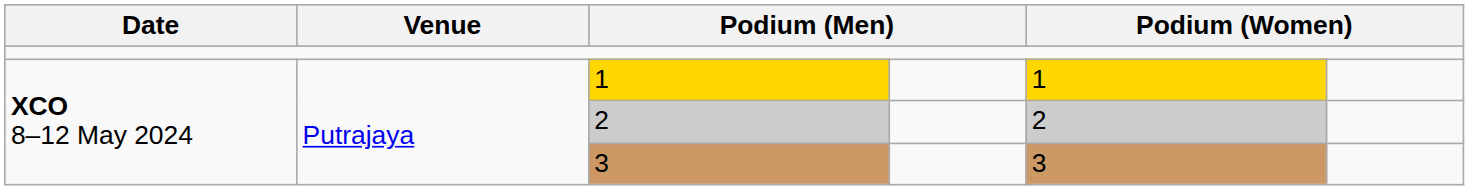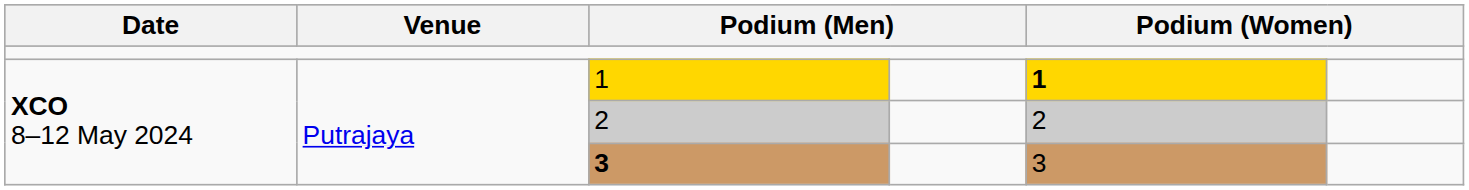 <table class="wikitable" width=70%>
 <tr>
 <th>Date</th>
 <th width=20%>Venue</th>
 <th colspan=2 width=30%>Podium (Men)</th>
 <th colspan=2 width=30%>Podium (Women)</th>
 </tr>
 <tr>
 <td colspan=6></td>
 </tr>
 <tr>
 <td rowspan=3><strong>XCO</strong> <br> 8–12 May 2024</td>
 <td rowspan=3><br><a href='#'>Putrajaya</a></td>
 <td bgcolor=FFD700>1</td>
 <td></td>
-<td bgcolor=FFD700>1</td>
+<td bgcolor=FFD700><strong>1</strong></td>
 <td></td>
 </tr>
 <tr>
 <td bgcolor=CCCCCC>2</td>
 <td></td>
 <td bgcolor=CCCCCC>2</td>
 <td></td>
 </tr>
 <tr>
-<td bgcolor=CC9966>3</td>
+<td bgcolor=CC9966><strong>3</strong></td>
 <td></td>
 <td bgcolor=CC9966>3</td>
 <td></td>
 </tr>
 </table>
